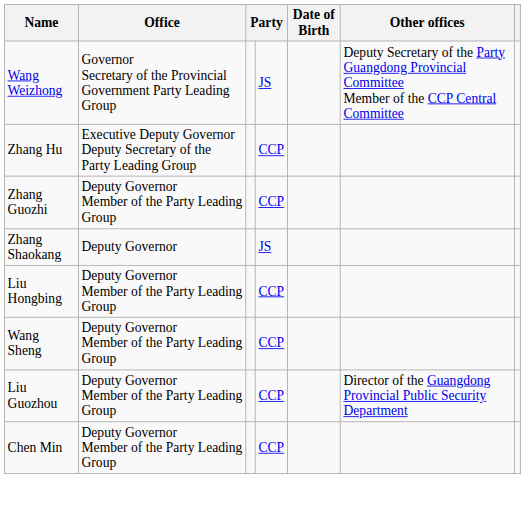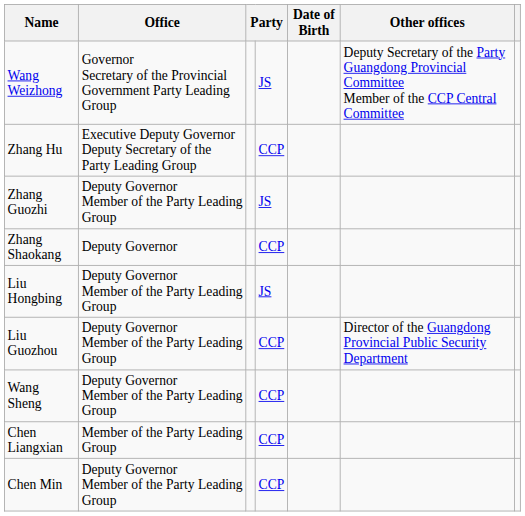 <table class="wikitable">
 <tr>
 <th>Name</th>
 <th>Office</th>
 <th colspan="2">Party</th>
 <th>Date of Birth</th>
 <th>Other offices</th>
 <th></th>
 </tr>
 <tr>
 <td><a href='#'>Wang Weizhong</a></td>
 <td>Governor<br>Secretary of the Provincial Government Party Leading Group</td>
 <td style="background:"> </td>
 <td><a href='#'>JS</a></td>
 <td></td>
 <td>Deputy Secretary of the <a href='#'>Party Guangdong Provincial Committee</a><br>Member of the <a href='#'>CCP Central Committee</a></td>
 <td></td>
 </tr>
 <tr>
 <td>Zhang Hu</td>
 <td>Executive Deputy Governor<br>Deputy Secretary of the Party Leading Group</td>
 <td style="background:"> </td>
 <td><a href='#'>CCP</a></td>
 <td></td>
 <td></td>
 <td></td>
 </tr>
 <tr>
 <td>Zhang Guozhi</td>
 <td>Deputy Governor<br>Member of the Party Leading Group</td>
 <td style="background:"> </td>
-<td><a href='#'>CCP</a></td>
+<td><a href='#'>JS</a></td>
 <td></td>
 <td></td>
 <td></td>
 </tr>
 <tr>
 <td>Zhang Shaokang</td>
 <td>Deputy Governor</td>
 <td style="background:"> </td>
-<td><a href='#'>JS</a></td>
+<td><a href='#'>CCP</a></td>
 <td></td>
 <td></td>
 <td></td>
 </tr>
 <tr>
 <td>Liu Hongbing</td>
 <td>Deputy Governor<br>Member of the Party Leading Group</td>
 <td style="background:"> </td>
-<td><a href='#'>CCP</a></td>
-<td></td>
-<td></td>
-<td></td>
-</tr>
-<tr>
-<td>Wang Sheng</td>
-<td>Deputy Governor<br>Member of the Party Leading Group</td>
-<td style="background:"> </td>
-<td><a href='#'>CCP</a></td>
+<td><a href='#'>JS</a></td>
 <td></td>
 <td></td>
 <td></td>
 </tr>
 <tr>
 <td>Liu Guozhou</td>
 <td>Deputy Governor<br>Member of the Party Leading Group</td>
 <td style="background:"> </td>
 <td><a href='#'>CCP</a></td>
 <td></td>
 <td>Director of the <a href='#'>Guangdong Provincial Public Security Department</a></td>
 <td></td>
 </tr>
 <tr>
+<td>Wang Sheng</td>
+<td>Deputy Governor<br>Member of the Party Leading Group</td>
+<td style="background:"> </td>
+<td><a href='#'>CCP</a></td>
+<td></td>
+<td></td>
+<td></td>
+</tr>
+<tr>
+<td>Chen Liangxian</td>
+<td>Member of the Party Leading Group</td>
+<td style="background:"> </td>
+<td><a href='#'>CCP</a></td>
+<td></td>
+<td></td>
+<td></td>
+</tr>
+<tr>
 <td>Chen Min</td>
 <td>Deputy Governor<br>Member of the Party Leading Group</td>
 <td style="background:"> </td>
 <td><a href='#'>CCP</a></td>
 <td></td>
 <td></td>
 <td></td>
 </tr>
 </table>
